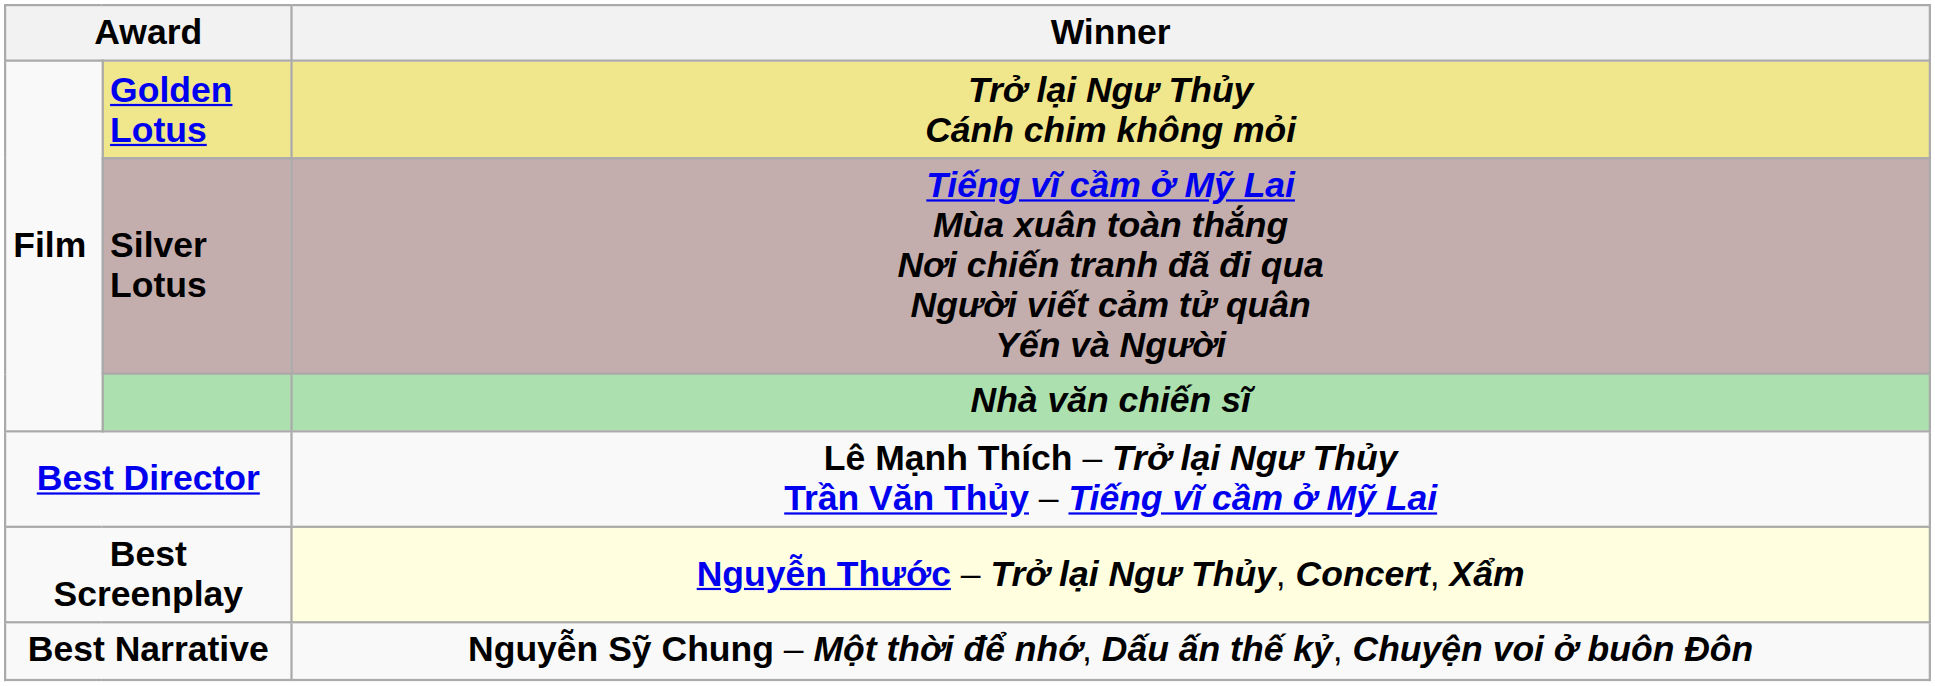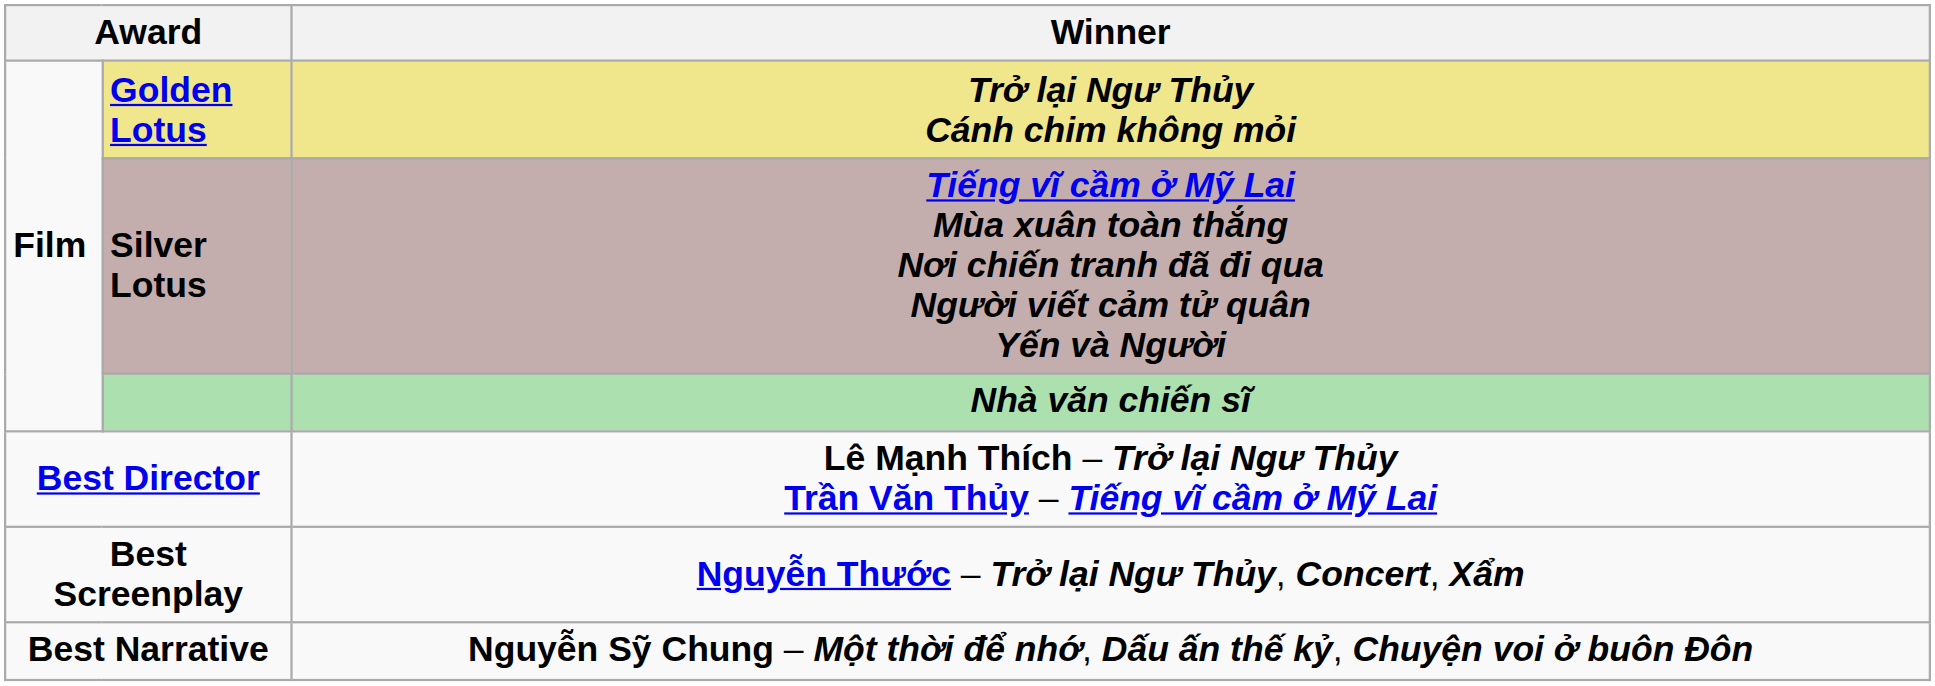 <table class=wikitable>
 <tr>
 <th width="12%" colspan="2">Award</th>
 <th width="76%">Winner</th>
 </tr>
 <tr>
 <td rowspan="3"><strong>Film</strong></td>
 <td style="background:#F0E68C"><strong><a href='#'>Golden Lotus</a></strong></td>
 <td style="background:#F0E68C" align=center><strong><em>Trở lại Ngư Thủy</em></strong><br><strong><em>Cánh chim không mỏi</em></strong></td>
 </tr>
 <tr>
 <td style="background:#C4AEAD"><strong>Silver Lotus</strong></td>
 <td style="background:#C4AEAD" align=center><strong><em><a href='#'>Tiếng vĩ cầm ở Mỹ Lai</a></em></strong><br><strong><em>Mùa xuân toàn thắng</em></strong><br><strong><em>Nơi chiến tranh đã đi qua</em></strong><br><strong><em>Người viết cảm tử quân</em></strong><br><strong><em>Yến và Người</em></strong></td>
 </tr>
 <tr>
 <td style="background:#ACE1AF"><strong></strong></td>
 <td style="background:#ACE1AF" align=center><strong><em>Nhà văn chiến sĩ</em></strong></td>
 </tr>
 <tr>
 <td colspan="2" align=center><strong><a href='#'>Best Director</a></strong></td>
 <td align=center><strong>Lê Mạnh Thích</strong> – <strong><em>Trở lại Ngư Thủy</em></strong><br><strong><a href='#'>Trần Văn Thủy</a></strong> – <strong><em><a href='#'>Tiếng vĩ cầm ở Mỹ Lai</a></em></strong></td>
 </tr>
 <tr>
 <td colspan="2" align=center><strong>Best Screenplay</strong></td>
-<td align=center style="background: lightyellow;"><strong><a href='#'>Nguyễn Thước</a></strong> – <strong><em>Trở lại Ngư Thủy</em></strong>, <strong><em>Concert</em></strong>, <strong><em>Xẩm</em></strong></td>
+<td align=center><strong><a href='#'>Nguyễn Thước</a></strong> – <strong><em>Trở lại Ngư Thủy</em></strong>, <strong><em>Concert</em></strong>, <strong><em>Xẩm</em></strong></td>
 </tr>
 <tr>
 <td colspan="2" align=center><strong>Best Narrative</strong></td>
 <td align=center><strong>Nguyễn Sỹ Chung</strong> – <strong><em>Một thời để nhớ</em></strong>, <strong><em>Dấu ấn thế kỷ</em></strong>, <strong><em>Chuyện voi ở buôn Đôn</em></strong></td>
 </tr>
 </table>
